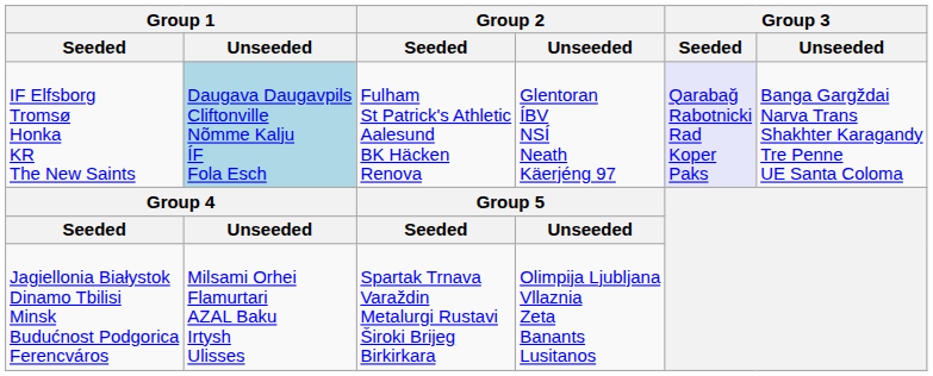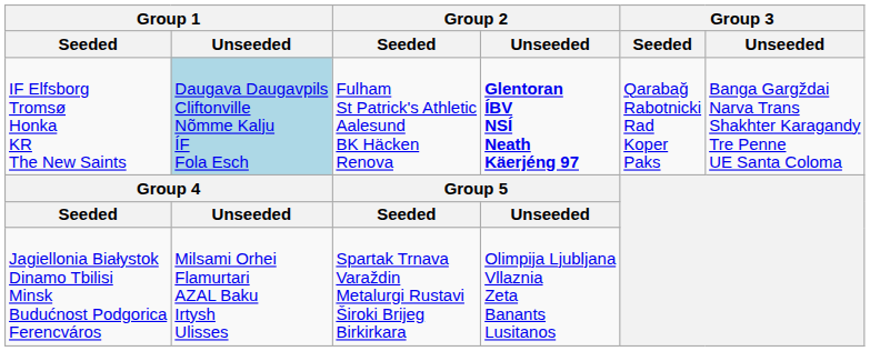 <table class="wikitable" style="font-size:85%;">
 <tr>
 <th colspan=2>Group 1</th>
 <th colspan=2>Group 2</th>
 <th colspan=2>Group 3</th>
 </tr>
 <tr>
 <th>Seeded</th>
 <th>Unseeded</th>
 <th>Seeded</th>
 <th>Unseeded</th>
 <th>Seeded</th>
 <th>Unseeded</th>
 </tr>
 <tr>
 <td valign=top><br> <a href='#'>IF Elfsborg</a><br>  <a href='#'>Tromsø</a><br>  <a href='#'>Honka</a><br>  <a href='#'>KR</a><br>  <a href='#'>The New Saints</a></td>
 <td valign=top style="background: lightblue;"><br> <a href='#'>Daugava Daugavpils</a><br>  <a href='#'>Cliftonville</a><br>  <a href='#'>Nõmme Kalju</a><br>  <a href='#'>ÍF</a><br>  <a href='#'>Fola Esch</a></td>
 <td valign=top><br> <a href='#'>Fulham</a><br>  <a href='#'>St Patrick's Athletic</a><br>  <a href='#'>Aalesund</a><br>  <a href='#'>BK Häcken</a><br>  <a href='#'>Renova</a></td>
-<td valign=top><br> <a href='#'>Glentoran</a><br>  <a href='#'>ÍBV</a><br>  <a href='#'>NSÍ</a><br>  <a href='#'>Neath</a><br>  <a href='#'>Käerjéng 97</a></td>
-<td valign=top style="background: lavender;"><br> <a href='#'>Qarabağ</a><br>  <a href='#'>Rabotnicki</a><br>  <a href='#'>Rad</a><br>  <a href='#'>Koper</a><br>  <a href='#'>Paks</a></td>
+<td valign=top><strong><br> <a href='#'>Glentoran</a><br>  <a href='#'>ÍBV</a><br>  <a href='#'>NSÍ</a><br>  <a href='#'>Neath</a><br>  <a href='#'>Käerjéng 97</a></strong></td>
+<td valign=top><br> <a href='#'>Qarabağ</a><br>  <a href='#'>Rabotnicki</a><br>  <a href='#'>Rad</a><br>  <a href='#'>Koper</a><br>  <a href='#'>Paks</a></td>
 <td valign=top><br> <a href='#'>Banga Gargždai</a><br>  <a href='#'>Narva Trans</a><br>  <a href='#'>Shakhter Karagandy</a><br>  <a href='#'>Tre Penne</a><br>  <a href='#'>UE Santa Coloma</a></td>
 </tr>
 <tr>
 <th colspan=2>Group 4</th>
 <th colspan=2>Group 5</th>
 <th rowspan=3 colspan=2> </th>
 </tr>
 <tr>
 <th>Seeded</th>
 <th>Unseeded</th>
 <th>Seeded</th>
 <th>Unseeded</th>
 </tr>
 <tr>
 <td valign=top><br> <a href='#'>Jagiellonia Białystok</a><br>  <a href='#'>Dinamo Tbilisi</a><br>  <a href='#'>Minsk</a><br>  <a href='#'>Budućnost Podgorica</a><br>  <a href='#'>Ferencváros</a></td>
 <td valign=top><br> <a href='#'>Milsami Orhei</a><br>  <a href='#'>Flamurtari</a><br>  <a href='#'>AZAL Baku</a><br>  <a href='#'>Irtysh</a><br>  <a href='#'>Ulisses</a></td>
 <td valign=top><br> <a href='#'>Spartak Trnava</a><br>  <a href='#'>Varaždin</a><br>  <a href='#'>Metalurgi Rustavi</a><br>  <a href='#'>Široki Brijeg</a><br>  <a href='#'>Birkirkara</a></td>
 <td valign=top><br> <a href='#'>Olimpija Ljubljana</a><br>  <a href='#'>Vllaznia</a><br>  <a href='#'>Zeta</a><br>  <a href='#'>Banants</a><br>  <a href='#'>Lusitanos</a></td>
 </tr>
 </table>
